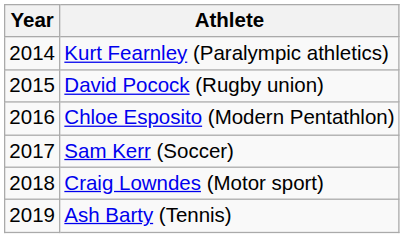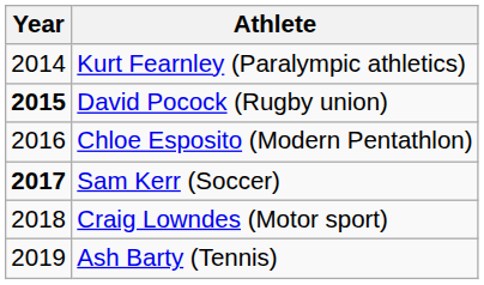 <table class="wikitable">
 <tr>
 <th>Year</th>
 <th>Athlete</th>
 </tr>
 <tr>
 <td>2014</td>
 <td><a href='#'>Kurt Fearnley</a> (Paralympic athletics)</td>
 </tr>
 <tr>
-<td>2015</td>
+<td><strong>2015</strong></td>
 <td><a href='#'>David Pocock</a> (Rugby union)</td>
 </tr>
 <tr>
 <td>2016</td>
 <td><a href='#'>Chloe Esposito</a> (Modern Pentathlon)</td>
 </tr>
 <tr>
-<td>2017</td>
+<td><strong>2017</strong></td>
 <td><a href='#'>Sam Kerr</a> (Soccer)</td>
 </tr>
 <tr>
 <td>2018</td>
 <td><a href='#'>Craig Lowndes</a> (Motor sport)</td>
 </tr>
 <tr>
 <td>2019</td>
 <td><a href='#'>Ash Barty</a> (Tennis)</td>
 </tr>
 </table>
